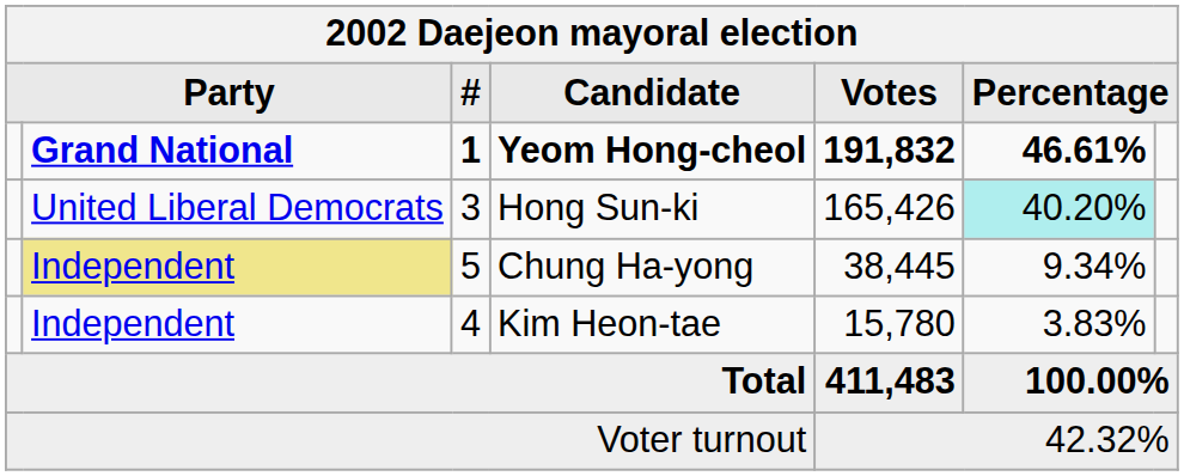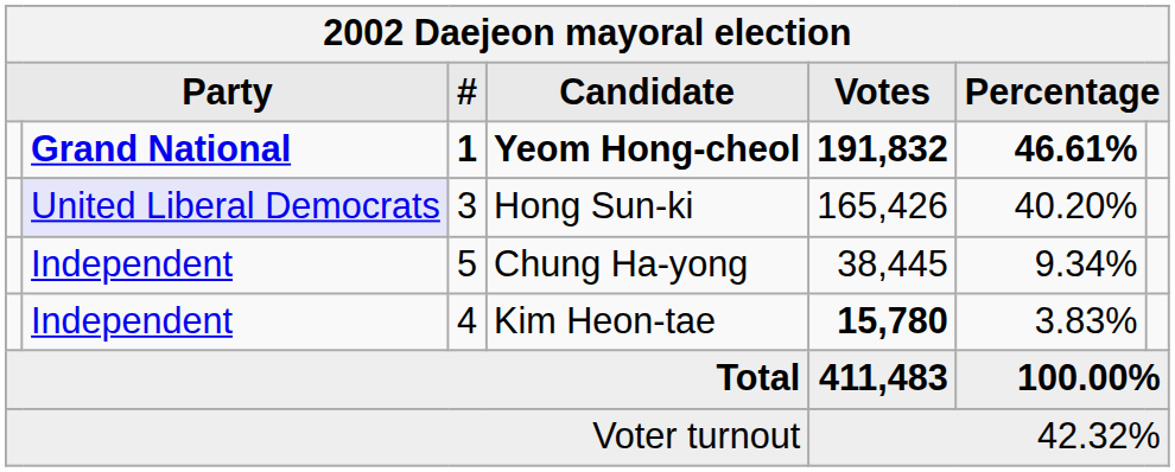 <table class="wikitable">
 <tr>
 <th colspan="7">2002 Daejeon mayoral election</th>
 </tr>
 <tr>
 <th style="background-color:#E9E9E9" colspan=2>Party</th>
 <th style="background-color:#E9E9E9">#</th>
 <th style="background-color:#E9E9E9">Candidate</th>
 <th style="background-color:#E9E9E9">Votes</th>
 <th style="background-color:#E9E9E9" colspan=2>Percentage</th>
 </tr>
 <tr style="font-weight:bold">
 <td></td>
 <td align=left><a href='#'>Grand National</a></td>
 <td align=center>1</td>
 <td align=left>Yeom Hong-cheol</td>
 <td align=right>191,832</td>
 <td align=right>46.61%</td>
 <td align=right></td>
 </tr>
 <tr>
 <td></td>
-<td align=left><a href='#'>United Liberal Democrats</a></td>
+<td align=left style="background: lavender;"><a href='#'>United Liberal Democrats</a></td>
 <td align=center>3</td>
 <td align=left>Hong Sun-ki</td>
 <td align=right>165,426</td>
-<td align=right style="background: paleturquoise;">40.20%</td>
+<td align=right>40.20%</td>
 <td align=right></td>
 </tr>
 <tr>
 <td></td>
-<td align=left style="background: khaki;"><a href='#'>Independent</a></td>
+<td align=left><a href='#'>Independent</a></td>
 <td align=center>5</td>
 <td align=left>Chung Ha-yong</td>
 <td align=right>38,445</td>
 <td align=right>9.34%</td>
 <td align=right></td>
 </tr>
 <tr>
 <td></td>
 <td align=left><a href='#'>Independent</a></td>
 <td align=center>4</td>
 <td align=left>Kim Heon-tae</td>
-<td align=right>15,780</td>
+<td align=right><strong>15,780</strong></td>
 <td align=right>3.83%</td>
 <td align=right></td>
 </tr>
 <tr bgcolor="#EEEEEE" style="font-weight:bold">
 <td colspan="4" align=right>Total</td>
 <td align=right>411,483</td>
 <td align=right colspan=2>100.00%</td>
 </tr>
 <tr bgcolor="#EEEEEE">
 <td colspan="4" align="right">Voter turnout</td>
 <td colspan="3" align="right">42.32%</td>
 </tr>
 </table>
